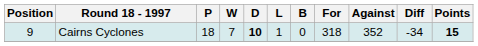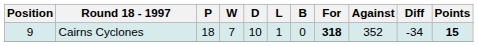 <table class="wikitable" style="text-align:center;">
 <tr style="background: #ffffff;">
 <th width=40 abbr="Position">Position</th>
 <th width=185>Round 18 - 1997</th>
 <th width=25 abbr="Played">P</th>
 <th width=25 abbr="Won">W</th>
 <th width=25 abbr="Drawn">D</th>
 <th width=25 abbr="Lost">L</th>
 <th width=25 abbr="Bye">B</th>
 <th width=40 abbr="Points for">For</th>
 <th width=40 abbr="Points against">Against</th>
 <th width=40 abbr="Points difference">Diff</th>
 <th width=40 abbr="Points">Points</th>
 </tr>
 <tr style="background: #d7ebed;">
 <td>9</td>
 <td style="text-align:left;"> Cairns Cyclones</td>
 <td>18</td>
 <td>7</td>
-<td><strong>10</strong></td>
+<td>10</td>
 <td>1</td>
 <td>0</td>
-<td>318</td>
+<td><strong>318</strong></td>
 <td>352</td>
 <td>-34</td>
 <td><strong>15</strong></td>
 </tr>
 <tr>
 </tr>
 </table>
